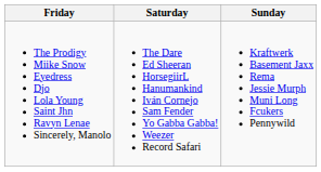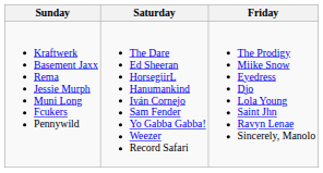 <table class="wikitable">
 <tr>
+<th>Sunday</th>
+<th>Saturday</th>
 <th>Friday</th>
-<th>Saturday</th>
-<th>Sunday</th>
 </tr>
 <tr valign="top">
+<td><br><ul><li><a href='#'>Kraftwerk</a></li><li><a href='#'>Basement Jaxx</a></li><li><a href='#'>Rema</a></li><li><a href='#'>Jessie Murph</a></li><li><a href='#'>Muni Long</a></li><li><a href='#'>Fcukers</a></li><li>Pennywild</li></ul></td>
+<td><br><ul><li><a href='#'>The Dare</a></li><li><a href='#'>Ed Sheeran</a></li><li><a href='#'>HorsegiirL</a></li><li><a href='#'>Hanumankind</a></li><li><a href='#'>Iván Cornejo</a></li><li><a href='#'>Sam Fender</a></li><li><a href='#'>Yo Gabba Gabba!</a></li><li><a href='#'>Weezer</a></li><li>Record Safari</li></ul></td>
 <td><br><ul><li><a href='#'>The Prodigy</a></li><li><a href='#'>Miike Snow</a></li><li><a href='#'>Eyedress</a></li><li><a href='#'>Djo</a></li><li><a href='#'>Lola Young</a></li><li><a href='#'>Saint Jhn</a></li><li><a href='#'>Ravyn Lenae</a></li><li>Sincerely, Manolo</li></ul></td>
-<td><br><ul><li><a href='#'>The Dare</a></li><li><a href='#'>Ed Sheeran</a></li><li><a href='#'>HorsegiirL</a></li><li><a href='#'>Hanumankind</a></li><li><a href='#'>Iván Cornejo</a></li><li><a href='#'>Sam Fender</a></li><li><a href='#'>Yo Gabba Gabba!</a></li><li><a href='#'>Weezer</a></li><li>Record Safari</li></ul></td>
-<td><br><ul><li><a href='#'>Kraftwerk</a></li><li><a href='#'>Basement Jaxx</a></li><li><a href='#'>Rema</a></li><li><a href='#'>Jessie Murph</a></li><li><a href='#'>Muni Long</a></li><li><a href='#'>Fcukers</a></li><li>Pennywild</li></ul></td>
 </tr>
 </table>
